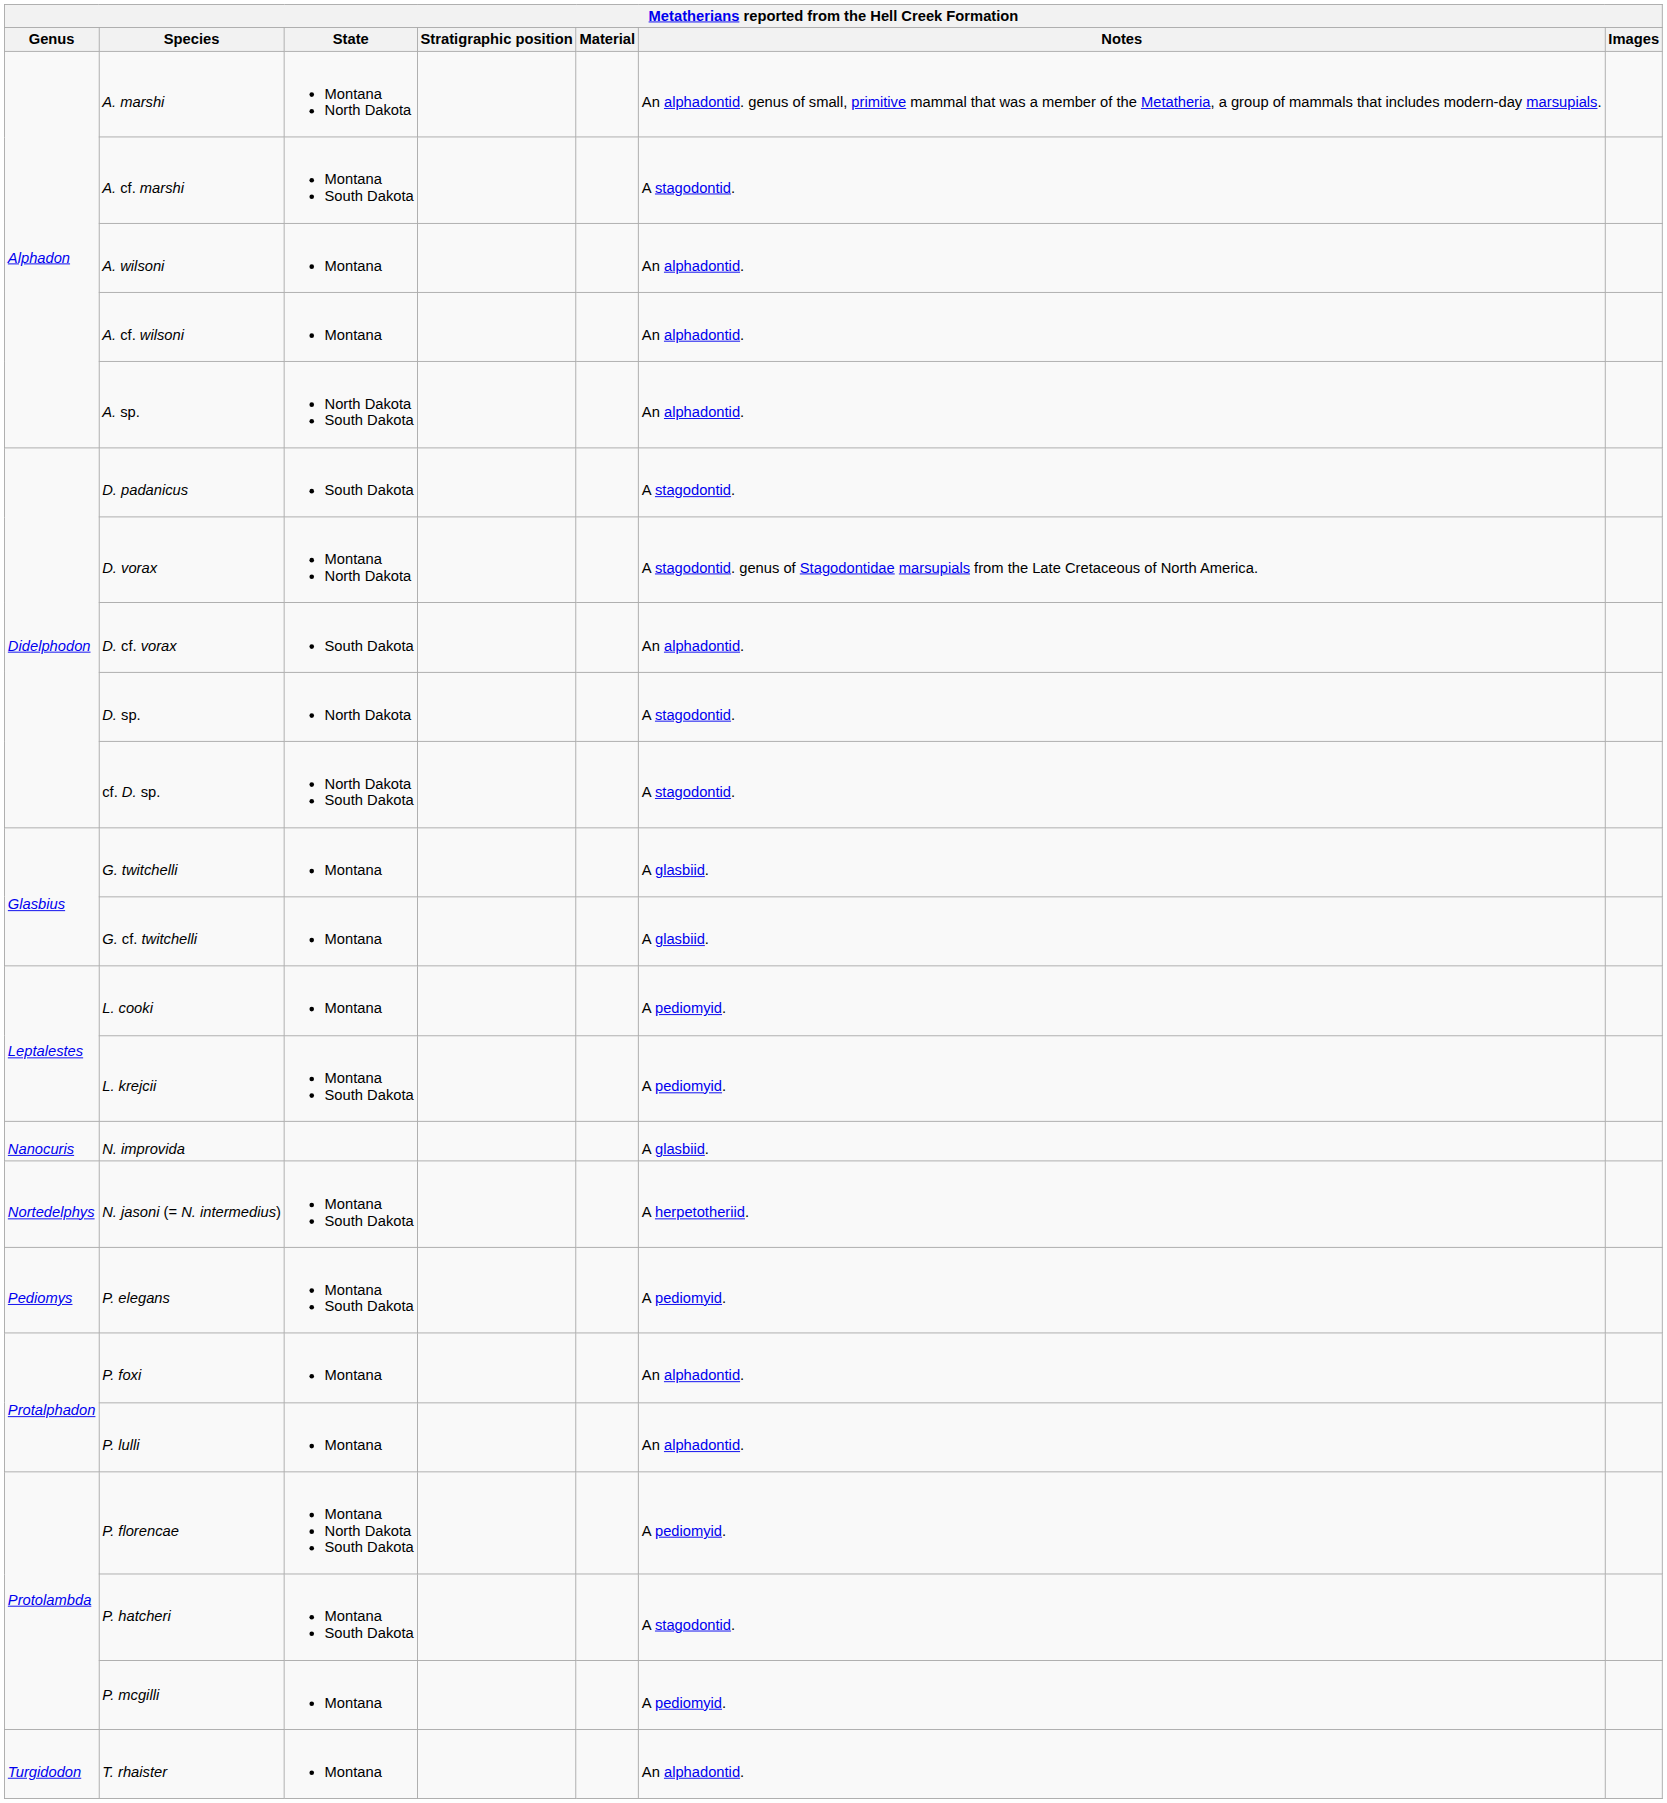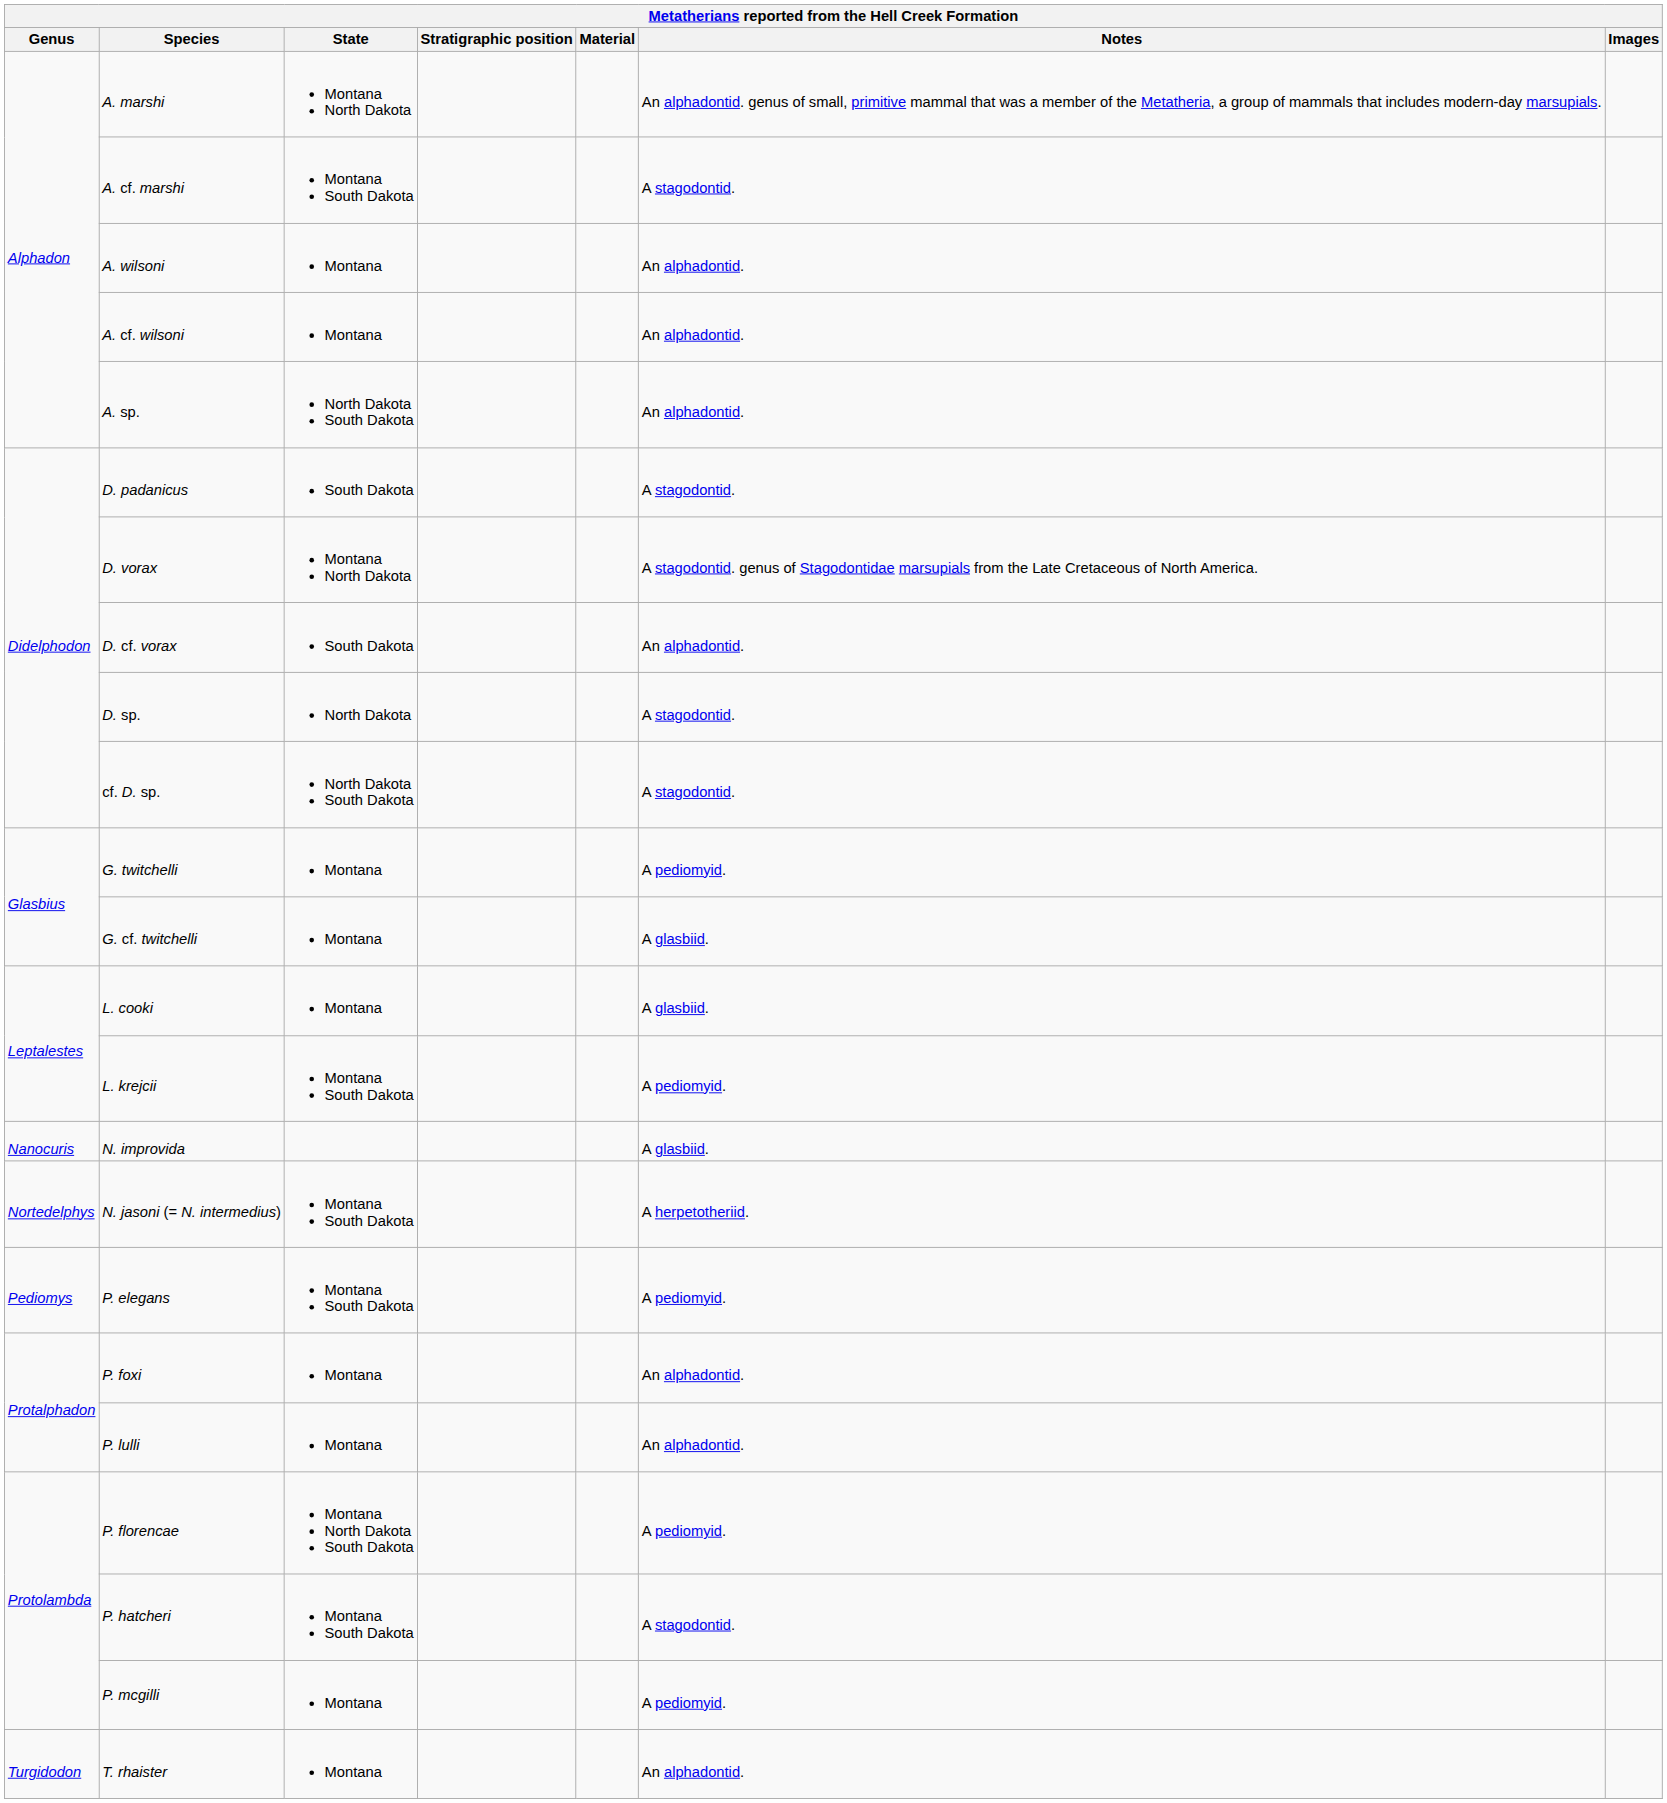 <table class="wikitable sortable mw-collapsible">
 <tr>
 <th colspan="7" style="text-align:center;"><strong><a href='#'>Metatherians</a> reported from the Hell Creek Formation</strong></th>
 </tr>
 <tr>
 <th>Genus</th>
 <th>Species</th>
 <th>State</th>
 <th>Stratigraphic position</th>
 <th>Material</th>
 <th>Notes</th>
 <th>Images</th>
 </tr>
 <tr>
 <td rowspan=5><br><em><a href='#'>Alphadon</a></em></td>
 <td><br><em>A. marshi</em></td>
 <td><br><ul><li>Montana</li><li>North Dakota</li></ul></td>
 <td></td>
 <td></td>
 <td><br>An <a href='#'>alphadontid</a>. genus of small, <a href='#'>primitive</a> mammal that was a member of the <a href='#'>Metatheria</a>, a group of mammals that includes modern-day <a href='#'>marsupials</a>.</td>
 <td></td>
 </tr>
 <tr>
 <td><br><em>A.</em> cf. <em>marshi</em></td>
 <td><br><ul><li>Montana</li><li>South Dakota</li></ul></td>
 <td></td>
 <td></td>
 <td><br>A <a href='#'>stagodontid</a>.</td>
 <td></td>
 </tr>
 <tr>
 <td><br><em>A. wilsoni</em></td>
 <td><br><ul><li>Montana</li></ul></td>
 <td></td>
 <td></td>
 <td><br>An <a href='#'>alphadontid</a>.</td>
 <td></td>
 </tr>
 <tr>
 <td><br><em>A.</em> cf. <em>wilsoni</em></td>
 <td><br><ul><li>Montana</li></ul></td>
 <td></td>
 <td></td>
 <td><br>An <a href='#'>alphadontid</a>.</td>
 <td></td>
 </tr>
 <tr>
 <td><br><em>A.</em> sp.</td>
 <td><br><ul><li>North Dakota</li><li>South Dakota</li></ul></td>
 <td></td>
 <td></td>
 <td><br>An <a href='#'>alphadontid</a>.</td>
 <td><br></td>
 </tr>
 <tr>
 <td rowspan=5><br><em><a href='#'>Didelphodon</a></em></td>
 <td><br><em>D. padanicus</em></td>
 <td><br><ul><li>South Dakota</li></ul></td>
 <td></td>
 <td></td>
 <td><br>A <a href='#'>stagodontid</a>.</td>
 <td></td>
 </tr>
 <tr>
 <td><br><em>D. vorax</em></td>
 <td><br><ul><li>Montana</li><li>North Dakota</li></ul></td>
 <td></td>
 <td></td>
 <td><br>A <a href='#'>stagodontid</a>. genus of <a href='#'>Stagodontidae</a> <a href='#'>marsupials</a> from the Late Cretaceous of North America.</td>
 <td><br><br> </td>
 </tr>
 <tr>
 <td><br><em>D.</em> cf. <em>vorax</em></td>
 <td><br><ul><li>South Dakota</li></ul></td>
 <td></td>
 <td></td>
 <td><br>An <a href='#'>alphadontid</a>.</td>
 <td><br></td>
 </tr>
 <tr>
 <td><br><em>D.</em> sp.</td>
 <td><br><ul><li>North Dakota</li></ul></td>
 <td></td>
 <td></td>
 <td><br>A <a href='#'>stagodontid</a>.</td>
 <td></td>
 </tr>
 <tr>
 <td><br>cf. <em>D.</em> sp.</td>
 <td><br><ul><li>North Dakota</li><li>South Dakota</li></ul></td>
 <td></td>
 <td></td>
 <td><br>A <a href='#'>stagodontid</a>.</td>
 <td></td>
 </tr>
 <tr>
 <td rowspan=2><br><em><a href='#'>Glasbius</a></em></td>
 <td><br><em>G. twitchelli</em></td>
 <td><br><ul><li>Montana</li></ul></td>
 <td></td>
 <td></td>
-<td><br>A <a href='#'>glasbiid</a>.</td>
+<td><br>A <a href='#'>pediomyid</a>.</td>
 <td></td>
 </tr>
 <tr>
 <td><br><em>G.</em> cf. <em>twitchelli</em></td>
 <td><br><ul><li>Montana</li></ul></td>
 <td></td>
 <td></td>
 <td><br>A <a href='#'>glasbiid</a>.</td>
 <td></td>
 </tr>
 <tr>
 <td rowspan=2><br><em><a href='#'>Leptalestes</a></em></td>
 <td><br><em>L. cooki</em></td>
 <td><br><ul><li>Montana</li></ul></td>
 <td></td>
 <td></td>
-<td><br>A <a href='#'>pediomyid</a>.</td>
+<td><br>A <a href='#'>glasbiid</a>.</td>
 <td></td>
 </tr>
 <tr>
 <td><br><em>L. krejcii</em></td>
 <td><br><ul><li>Montana</li><li>South Dakota</li></ul></td>
 <td></td>
 <td></td>
 <td><br>A <a href='#'>pediomyid</a>.</td>
 <td></td>
 </tr>
 <tr>
 <td><br><em><a href='#'>Nanocuris</a></em></td>
 <td><br><em>N. improvida</em></td>
 <td></td>
 <td></td>
 <td></td>
 <td><br>A <a href='#'>glasbiid</a>.</td>
 <td></td>
 </tr>
 <tr>
 <td><br><em><a href='#'>Nortedelphys</a></em></td>
 <td><br><em>N. jasoni</em> (= <em>N. intermedius</em>)</td>
 <td><br><ul><li>Montana</li><li>South Dakota</li></ul></td>
 <td></td>
 <td></td>
 <td><br>A <a href='#'>herpetotheriid</a>.</td>
 <td></td>
 </tr>
 <tr>
 <td><br><em><a href='#'>Pediomys</a></em></td>
 <td><br><em>P. elegans</em></td>
 <td><br><ul><li>Montana</li><li>South Dakota</li></ul></td>
 <td></td>
 <td></td>
 <td><br>A <a href='#'>pediomyid</a>.</td>
 <td></td>
 </tr>
 <tr>
 <td rowspan=2><br><em><a href='#'>Protalphadon</a></em></td>
 <td><br><em>P. foxi</em></td>
 <td><br><ul><li>Montana</li></ul></td>
 <td></td>
 <td></td>
 <td><br>An <a href='#'>alphadontid</a>.</td>
 <td></td>
 </tr>
 <tr>
 <td><br><em>P. lulli</em></td>
 <td><br><ul><li>Montana</li></ul></td>
 <td></td>
 <td></td>
 <td><br>An <a href='#'>alphadontid</a>.</td>
 </tr>
 <tr>
 <td rowspan=3><em><a href='#'>Protolambda</a></em></td>
 <td><br><em>P. florencae</em></td>
 <td><br><ul><li>Montana</li><li>North Dakota</li><li>South Dakota</li></ul></td>
 <td></td>
 <td></td>
 <td><br>A <a href='#'>pediomyid</a>.</td>
 <td></td>
 </tr>
 <tr>
 <td><em>P. hatcheri</em></td>
 <td><br><ul><li>Montana</li><li>South Dakota</li></ul></td>
 <td></td>
 <td></td>
 <td><br>A <a href='#'>stagodontid</a>.</td>
 <td></td>
 </tr>
 <tr>
 <td><em>P. mcgilli</em></td>
 <td><br><ul><li>Montana</li></ul></td>
 <td></td>
 <td></td>
 <td><br>A <a href='#'>pediomyid</a>.</td>
 <td></td>
 </tr>
 <tr>
 <td><br><em><a href='#'>Turgidodon</a></em></td>
 <td><br><em>T. rhaister</em></td>
 <td><br><ul><li>Montana</li></ul></td>
 <td></td>
 <td></td>
 <td><br>An <a href='#'>alphadontid</a>.</td>
 <td></td>
 </tr>
 </table>
